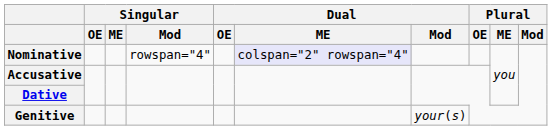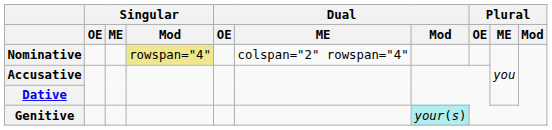 <table class="wikitable">
 <tr>
 <th></th>
 <th colspan="3">Singular</th>
 <th colspan="3">Dual</th>
 <th colspan="3">Plural</th>
 </tr>
 <tr>
 <th></th>
 <th>OE</th>
 <th>ME</th>
 <th>Mod</th>
 <th>OE</th>
 <th>ME</th>
 <th>Mod</th>
 <th>OE</th>
 <th>ME</th>
 <th>Mod</th>
 </tr>
 <tr>
 <th>Nominative</th>
 <td></td>
 <td></td>
-<td>rowspan="4" </td>
+<td style="background: khaki;">rowspan="4" </td>
 <td></td>
-<td style="background: lavender;">colspan="2" rowspan="4" </td>
+<td>colspan="2" rowspan="4" </td>
 <td></td>
 <td></td>
 <td rowspan="3"><em>you</em></td>
 </tr>
 <tr>
 <th>Accusative</th>
 <td rowspan="2"></td>
 <td rowspan="2"></td>
 <td rowspan="2"></td>
 <td rowspan="2"></td>
 <td rowspan="2"></td>
 </tr>
 <tr>
 <th><a href='#'>Dative</a></th>
 </tr>
 <tr>
 <th>Genitive</th>
 <td></td>
 <td></td>
 <td></td>
 <td></td>
 <td></td>
-<td><em>your</em>(<em>s</em>)</td>
+<td style="background: paleturquoise;"><em>your</em>(<em>s</em>)</td>
 </tr>
 </table>
